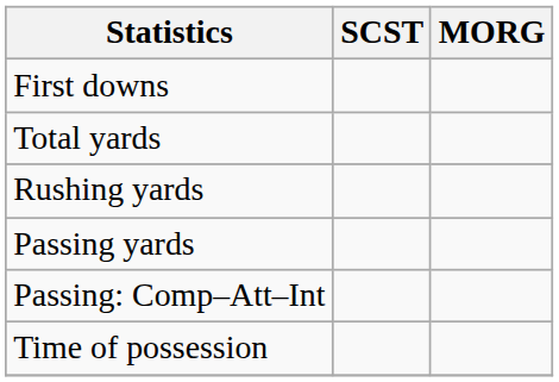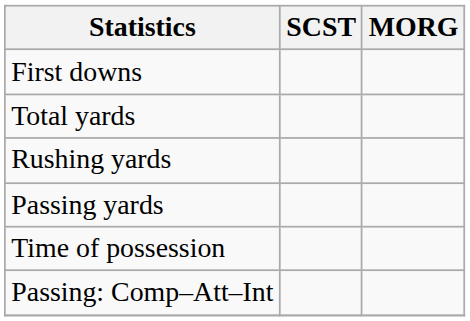 <table class="wikitable" style="float: left;">
 <tr>
 <th>Statistics</th>
 <th>SCST</th>
 <th>MORG</th>
 </tr>
 <tr>
 <td>First downs</td>
 <td></td>
 <td></td>
 </tr>
 <tr>
 <td>Total yards</td>
 <td></td>
 <td></td>
 </tr>
 <tr>
 <td>Rushing yards</td>
 <td></td>
 <td></td>
 </tr>
 <tr>
 <td>Passing yards</td>
 <td></td>
 <td></td>
 </tr>
 <tr>
-<td>Passing: Comp–Att–Int</td>
+<td>Time of possession</td>
 <td></td>
 <td></td>
 </tr>
 <tr>
-<td>Time of possession</td>
+<td>Passing: Comp–Att–Int</td>
 <td></td>
 <td></td>
 </tr>
 <tr>
 </tr>
 </table>
